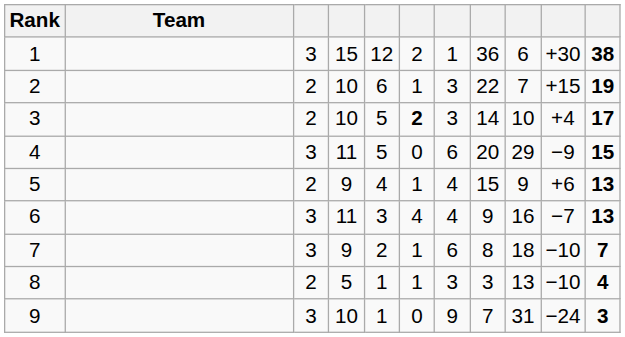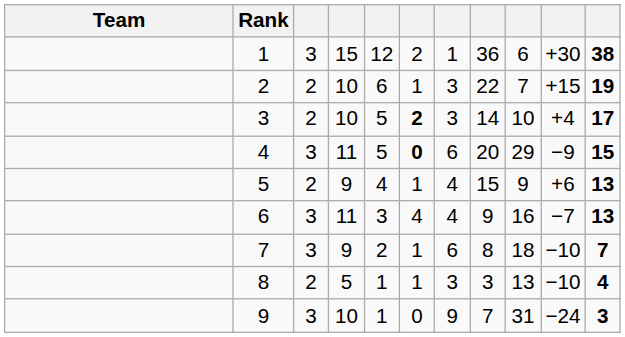 <table class="wikitable sortable" style="text-align:center">
 <tr>
+<th width=170>Team</th>
 <th width=20>Rank</th>
-<th width=170>Team</th>
 <th width=20></th>
 <th width=20></th>
 <th width=20></th>
 <th width=20></th>
 <th width=20></th>
 <th width=20></th>
 <th width=20></th>
 <th width=20></th>
 <th width=20></th>
 </tr>
 <tr>
+<td style="text-align:left"></td>
 <td>1</td>
-<td style="text-align:left"></td>
 <td>3</td>
 <td>15</td>
 <td>12</td>
 <td>2</td>
 <td>1</td>
 <td>36</td>
 <td>6</td>
 <td>+30</td>
 <td><strong>38</strong></td>
 </tr>
 <tr>
+<td style="text-align:left"></td>
 <td>2</td>
-<td style="text-align:left"></td>
 <td>2</td>
 <td>10</td>
 <td>6</td>
 <td>1</td>
 <td>3</td>
 <td>22</td>
 <td>7</td>
 <td>+15</td>
 <td><strong>19</strong></td>
 </tr>
 <tr>
+<td style="text-align:left"></td>
 <td>3</td>
-<td style="text-align:left"></td>
 <td>2</td>
 <td>10</td>
 <td>5</td>
 <td><strong>2</strong></td>
 <td>3</td>
 <td>14</td>
 <td>10</td>
 <td>+4</td>
 <td><strong>17</strong></td>
 </tr>
 <tr>
+<td style="text-align:left"></td>
 <td>4</td>
-<td style="text-align:left"></td>
 <td>3</td>
 <td>11</td>
 <td>5</td>
-<td>0</td>
+<td><strong>0</strong></td>
 <td>6</td>
 <td>20</td>
 <td>29</td>
 <td>−9</td>
 <td><strong>15</strong></td>
 </tr>
 <tr>
+<td style="text-align:left"></td>
 <td>5</td>
-<td style="text-align:left"></td>
 <td>2</td>
 <td>9</td>
 <td>4</td>
 <td>1</td>
 <td>4</td>
 <td>15</td>
 <td>9</td>
 <td>+6</td>
 <td><strong>13</strong></td>
 </tr>
 <tr>
+<td style="text-align:left"></td>
 <td>6</td>
-<td style="text-align:left"></td>
 <td>3</td>
 <td>11</td>
 <td>3</td>
 <td>4</td>
 <td>4</td>
 <td>9</td>
 <td>16</td>
 <td>−7</td>
 <td><strong>13</strong></td>
 </tr>
 <tr>
+<td style="text-align:left"></td>
 <td>7</td>
-<td style="text-align:left"></td>
 <td>3</td>
 <td>9</td>
 <td>2</td>
 <td>1</td>
 <td>6</td>
 <td>8</td>
 <td>18</td>
 <td>−10</td>
 <td><strong>7</strong></td>
 </tr>
 <tr>
+<td style="text-align:left"></td>
 <td>8</td>
-<td style="text-align:left"></td>
 <td>2</td>
 <td>5</td>
 <td>1</td>
 <td>1</td>
 <td>3</td>
 <td>3</td>
 <td>13</td>
 <td>−10</td>
 <td><strong>4</strong></td>
 </tr>
 <tr>
+<td style="text-align:left"></td>
 <td>9</td>
-<td style="text-align:left"></td>
 <td>3</td>
 <td>10</td>
 <td>1</td>
 <td>0</td>
 <td>9</td>
 <td>7</td>
 <td>31</td>
 <td>−24</td>
 <td><strong>3</strong></td>
 </tr>
 </table>
